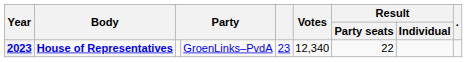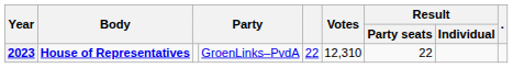 <table class="wikitable plainrowheaders sortable" border=2 cellpadding=4 cellspacing=0 style="border: 1px #aaa solid; font-size: 90%; text-align:center;">
 <tr>
 <th scope="col" rowspan=2>Year</th>
 <th scope="col" rowspan=2>Body</th>
 <th scope="col" colspan=2 rowspan=2>Party</th>
 <th scope="col" rowspan=2></th>
 <th scope="col" rowspan=2>Votes</th>
 <th scope="colgroup" colspan=2>Result</th>
 <th scope="col" rowspan=2 class="unsortable">.</th>
 </tr>
 <tr>
 <th scope="col">Party seats</th>
 <th scope="col">Individual</th>
 </tr>
 <tr>
 <th scope="row"><a href='#'>2023</a></th>
 <td><strong><a href='#'>House of Representatives</a></strong></td>
 <td style="background-color:"></td>
 <td><a href='#'>GroenLinks–PvdA</a></td>
-<td style=text-align:right><a href='#'>23</a></td>
-<td style=text-align:right>12,340</td>
+<td style=text-align:right><a href='#'>22</a></td>
+<td style=text-align:right>12,310</td>
 <td style=text-align:right>22</td>
 <td></td>
 <td></td>
 </tr>
 </table>
